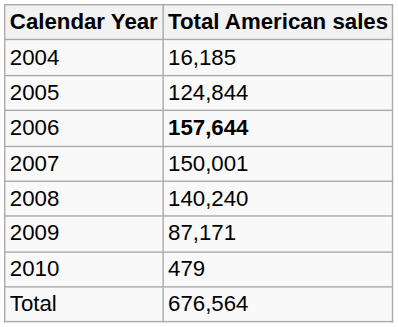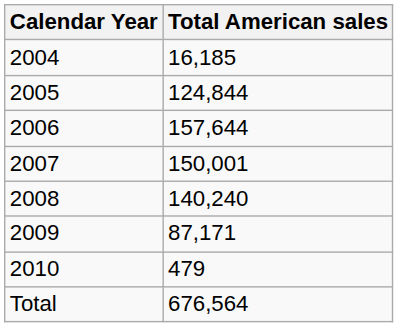 <table class="wikitable">
 <tr>
 <th>Calendar Year</th>
 <th>Total American sales</th>
 </tr>
 <tr>
 <td>2004</td>
 <td>16,185</td>
 </tr>
 <tr>
 <td>2005</td>
 <td>124,844</td>
 </tr>
 <tr>
 <td>2006</td>
-<td><strong>157,644</strong></td>
+<td>157,644</td>
 </tr>
 <tr>
 <td>2007</td>
 <td>150,001</td>
 </tr>
 <tr>
 <td>2008</td>
 <td>140,240</td>
 </tr>
 <tr>
 <td>2009</td>
 <td>87,171</td>
 </tr>
 <tr>
 <td>2010</td>
 <td>479</td>
 </tr>
 <tr>
 <td>Total</td>
 <td>676,564</td>
 </tr>
 </table>
